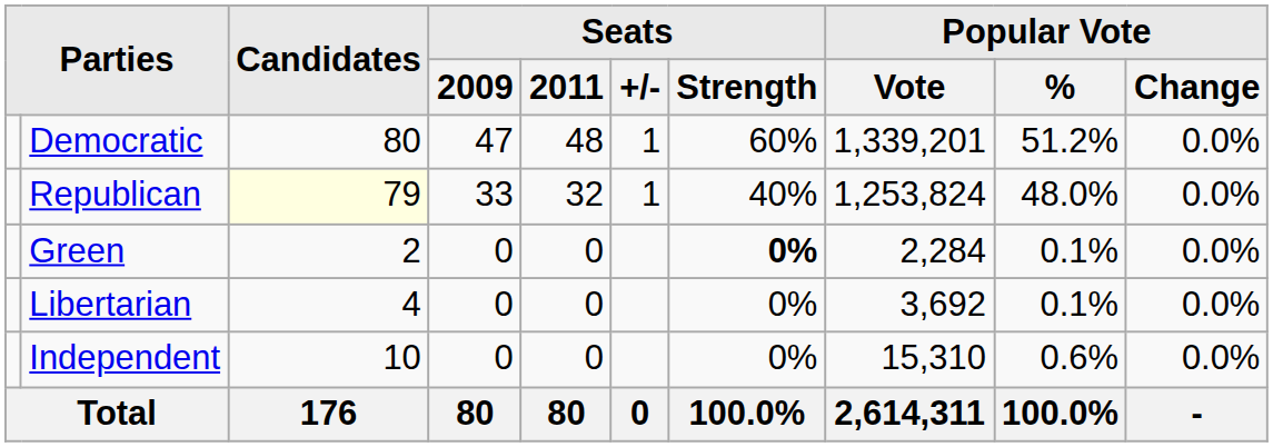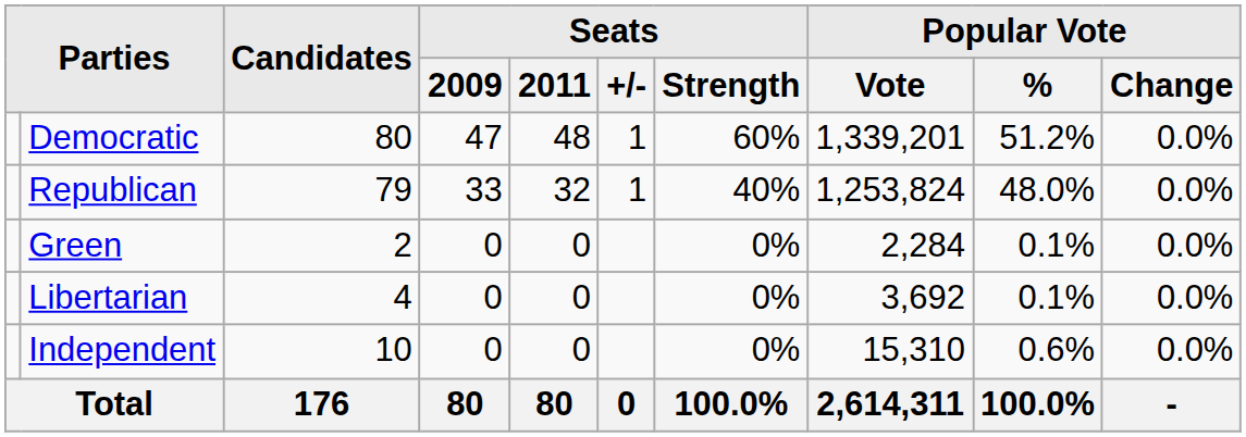 <table class=wikitable>
 <tr>
 <th style="background-color:#E9E9E9" align=center rowspan= 2 colspan=2>Parties</th>
 <th style="background-color:#E9E9E9" align=center rowspan= 2>Candidates</th>
 <th style="background-color:#E9E9E9" align=center colspan=4>Seats</th>
 <th style="background-color:#E9E9E9" align=center colspan=3>Popular Vote</th>
 </tr>
 <tr>
 <th align=center>2009</th>
 <th align=center>2011</th>
 <th align=center>+/-</th>
 <th align=center>Strength</th>
 <th align=center>Vote</th>
 <th align=center>%</th>
 <th align=center>Change</th>
 </tr>
 <tr>
 <td></td>
 <td align=left><a href='#'>Democratic</a></td>
 <td align=right>80</td>
 <td align=right >47</td>
 <td align=right >48</td>
 <td align=right> 1</td>
 <td align=right >60%</td>
 <td align=right >1,339,201</td>
 <td align=right >51.2%</td>
 <td align=right>0.0%</td>
 </tr>
 <tr>
 <td></td>
 <td align=left><a href='#'>Republican</a></td>
-<td align=right style="background: lightyellow;">79</td>
+<td align=right>79</td>
 <td align=right>33</td>
 <td align=right>32</td>
 <td align=right> 1</td>
 <td align=right>40%</td>
 <td align=right>1,253,824</td>
 <td align=right>48.0%</td>
 <td align=right>0.0%</td>
 </tr>
 <tr>
 <td></td>
 <td><a href='#'>Green</a></td>
 <td align=right>2</td>
 <td align=right>0</td>
 <td align=right>0</td>
 <td align=right></td>
-<td align=right><strong>0%</strong></td>
+<td align=right>0%</td>
 <td align=right>2,284</td>
 <td align=right>0.1%</td>
 <td align=right>0.0%</td>
 </tr>
 <tr>
 <td></td>
 <td><a href='#'>Libertarian</a></td>
 <td align=right>4</td>
 <td align=right>0</td>
 <td align=right>0</td>
 <td align=right></td>
 <td align=right>0%</td>
 <td align=right>3,692</td>
 <td align=right>0.1%</td>
 <td align=right>0.0%</td>
 </tr>
 <tr>
 <td></td>
 <td><a href='#'>Independent</a></td>
 <td align=right>10</td>
 <td align=right>0</td>
 <td align=right>0</td>
 <td align=right></td>
 <td align=right>0%</td>
 <td align=right>15,310</td>
 <td align=right>0.6%</td>
 <td align=right>0.0%</td>
 </tr>
 <tr>
 <th align=center colspan="2">Total</th>
 <th align=center>176</th>
 <th align=center>80</th>
 <th align=center>80</th>
 <th align=center>0</th>
 <th align=center>100.0%</th>
 <th align=center>2,614,311</th>
 <th align=center>100.0%</th>
 <th align=center>-</th>
 </tr>
 </table>
